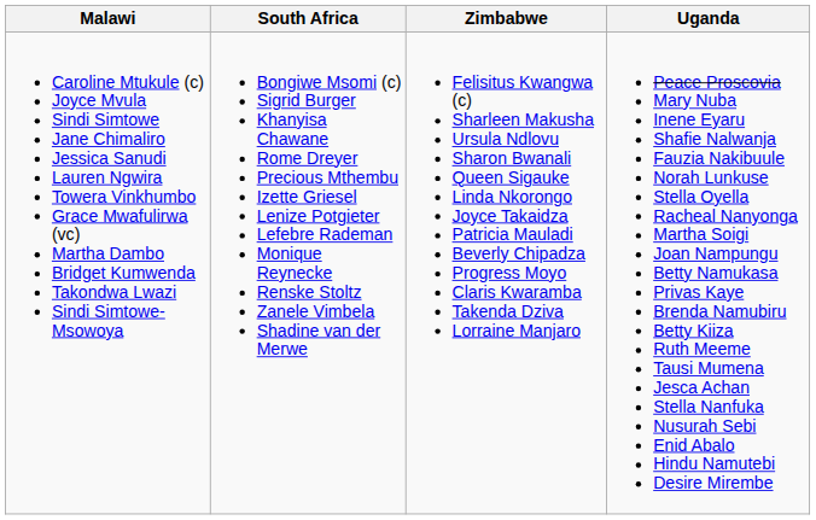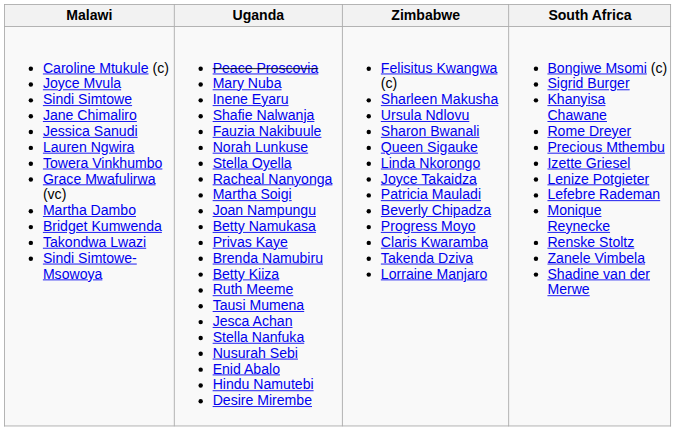 <table class="wikitable" width="60%">
 <tr>
 <th width="10%"> Malawi </th>
+<th width="10%"> Uganda </th>
+<th width="10%"> Zimbabwe</th>
 <th width="10%"> South Africa</th>
-<th width="10%"> Zimbabwe</th>
-<th width="10%"> Uganda </th>
 </tr>
 <tr>
 <td valign="top"><br><ul><li><a href='#'>Caroline Mtukule</a> (c)</li><li><a href='#'>Joyce Mvula</a></li><li><a href='#'>Sindi Simtowe</a></li><li><a href='#'>Jane Chimaliro</a></li><li><a href='#'>Jessica Sanudi</a></li><li><a href='#'>Lauren Ngwira</a></li><li><a href='#'>Towera Vinkhumbo</a></li><li><a href='#'>Grace Mwafulirwa</a> (vc)</li><li><a href='#'>Martha Dambo</a></li><li><a href='#'>Bridget Kumwenda</a></li><li><a href='#'>Takondwa Lwazi</a></li><li><a href='#'>Sindi Simtowe-Msowoya</a></li></ul></td>
+<td valign="top"><br><ul><li><s><a href='#'>Peace Proscovia</a></s></li><li><a href='#'>Mary Nuba</a></li><li><a href='#'>Inene Eyaru</a></li><li><a href='#'>Shafie Nalwanja</a></li><li><a href='#'>Fauzia Nakibuule</a></li><li><a href='#'>Norah Lunkuse</a></li><li><a href='#'>Stella Oyella</a></li><li><a href='#'>Racheal Nanyonga</a></li><li><a href='#'>Martha Soigi</a></li><li><a href='#'>Joan Nampungu</a></li><li><a href='#'>Betty Namukasa</a></li><li><a href='#'>Privas Kaye</a></li><li><a href='#'>Brenda Namubiru</a></li><li><a href='#'>Betty Kiiza</a></li><li><a href='#'>Ruth Meeme</a></li><li><a href='#'>Tausi Mumena</a></li><li><a href='#'>Jesca Achan</a></li><li><a href='#'>Stella Nanfuka</a></li><li><a href='#'>Nusurah Sebi</a></li><li><a href='#'>Enid Abalo</a></li><li><a href='#'>Hindu Namutebi</a></li><li><a href='#'>Desire Mirembe</a></li></ul></td>
+<td valign="top"><br><ul><li><a href='#'>Felisitus Kwangwa</a> (c)</li><li><a href='#'>Sharleen Makusha</a></li><li><a href='#'>Ursula Ndlovu</a></li><li><a href='#'>Sharon Bwanali</a></li><li><a href='#'>Queen Sigauke</a></li><li><a href='#'>Linda Nkorongo</a></li><li><a href='#'>Joyce Takaidza</a></li><li><a href='#'>Patricia Mauladi</a></li><li><a href='#'>Beverly Chipadza</a></li><li><a href='#'>Progress Moyo</a></li><li><a href='#'>Claris Kwaramba</a></li><li><a href='#'>Takenda Dziva</a></li><li><a href='#'>Lorraine Manjaro</a></li></ul></td>
 <td valign="top"><br><ul><li><a href='#'>Bongiwe Msomi</a> (c)</li><li><a href='#'>Sigrid Burger</a></li><li><a href='#'>Khanyisa Chawane</a></li><li><a href='#'>Rome Dreyer</a></li><li><a href='#'>Precious Mthembu</a></li><li><a href='#'>Izette Griesel</a></li><li><a href='#'>Lenize Potgieter</a></li><li><a href='#'>Lefebre Rademan</a></li><li><a href='#'>Monique Reynecke</a></li><li><a href='#'>Renske Stoltz</a></li><li><a href='#'>Zanele Vimbela</a></li><li><a href='#'>Shadine van der Merwe</a></li></ul></td>
-<td valign="top"><br><ul><li><a href='#'>Felisitus Kwangwa</a> (c)</li><li><a href='#'>Sharleen Makusha</a></li><li><a href='#'>Ursula Ndlovu</a></li><li><a href='#'>Sharon Bwanali</a></li><li><a href='#'>Queen Sigauke</a></li><li><a href='#'>Linda Nkorongo</a></li><li><a href='#'>Joyce Takaidza</a></li><li><a href='#'>Patricia Mauladi</a></li><li><a href='#'>Beverly Chipadza</a></li><li><a href='#'>Progress Moyo</a></li><li><a href='#'>Claris Kwaramba</a></li><li><a href='#'>Takenda Dziva</a></li><li><a href='#'>Lorraine Manjaro</a></li></ul></td>
-<td valign="top"><br><ul><li><s><a href='#'>Peace Proscovia</a></s></li><li><a href='#'>Mary Nuba</a></li><li><a href='#'>Inene Eyaru</a></li><li><a href='#'>Shafie Nalwanja</a></li><li><a href='#'>Fauzia Nakibuule</a></li><li><a href='#'>Norah Lunkuse</a></li><li><a href='#'>Stella Oyella</a></li><li><a href='#'>Racheal Nanyonga</a></li><li><a href='#'>Martha Soigi</a></li><li><a href='#'>Joan Nampungu</a></li><li><a href='#'>Betty Namukasa</a></li><li><a href='#'>Privas Kaye</a></li><li><a href='#'>Brenda Namubiru</a></li><li><a href='#'>Betty Kiiza</a></li><li><a href='#'>Ruth Meeme</a></li><li><a href='#'>Tausi Mumena</a></li><li><a href='#'>Jesca Achan</a></li><li><a href='#'>Stella Nanfuka</a></li><li><a href='#'>Nusurah Sebi</a></li><li><a href='#'>Enid Abalo</a></li><li><a href='#'>Hindu Namutebi</a></li><li><a href='#'>Desire Mirembe</a></li></ul></td>
 </tr>
 </table>
